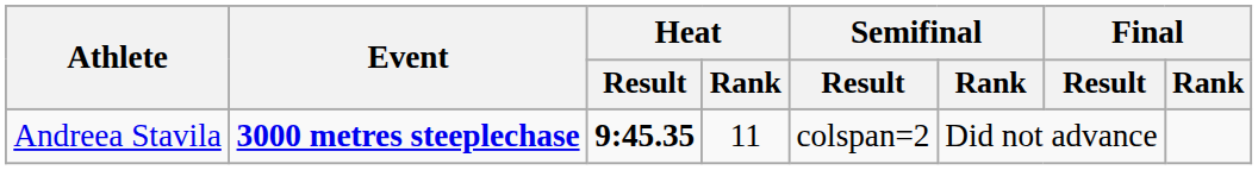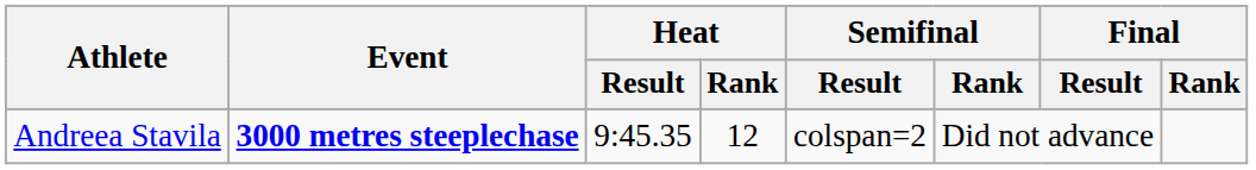 <table class=wikitable style=font-size:90%>
 <tr>
 <th rowspan=2>Athlete</th>
 <th rowspan=2>Event</th>
 <th colspan=2>Heat</th>
 <th colspan=2>Semifinal</th>
 <th colspan=2>Final</th>
 </tr>
 <tr style=font-size:95%>
 <th>Result</th>
 <th>Rank</th>
 <th>Result</th>
 <th>Rank</th>
 <th>Result</th>
 <th>Rank</th>
 </tr>
 <tr align=center>
 <td align=left><a href='#'>Andreea Stavila</a></td>
 <td align=left><strong><a href='#'>3000 metres steeplechase</a></strong></td>
-<td><strong>9:45.35 </strong></td>
-<td>11</td>
+<td>9:45.35 </td>
+<td>12</td>
 <td>colspan=2</td>
 <td colspan=2>Did not advance</td>
 </tr>
 </table>
